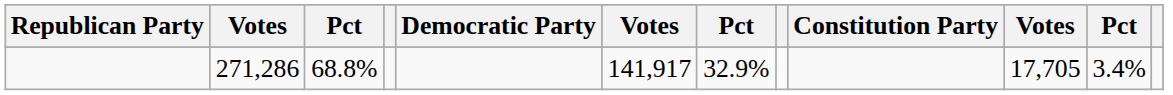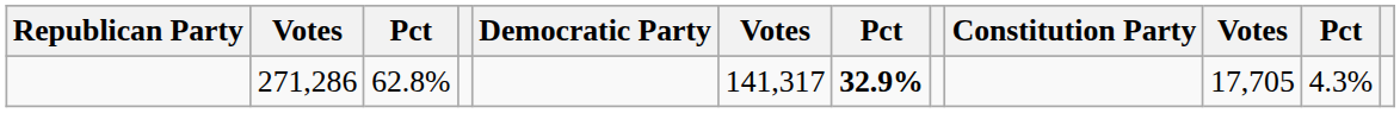 <table class="wikitable" style="margin:0.5em ; font-size:95%">
 <tr>
 <th>Republican Party</th>
 <th>Votes</th>
 <th>Pct</th>
 <th></th>
 <th>Democratic Party</th>
 <th>Votes</th>
 <th>Pct</th>
 <th></th>
 <th>Constitution Party</th>
 <th>Votes</th>
 <th>Pct</th>
 <th></th>
 </tr>
 <tr>
 <td></td>
 <td>271,286</td>
-<td>68.8%</td>
+<td>62.8%</td>
 <td></td>
 <td></td>
-<td>141,917</td>
-<td>32.9%</td>
+<td>141,317</td>
+<td><strong>32.9%</strong></td>
 <td></td>
 <td></td>
 <td>17,705</td>
-<td>3.4%</td>
+<td>4.3%</td>
 <td></td>
 </tr>
 </table>
